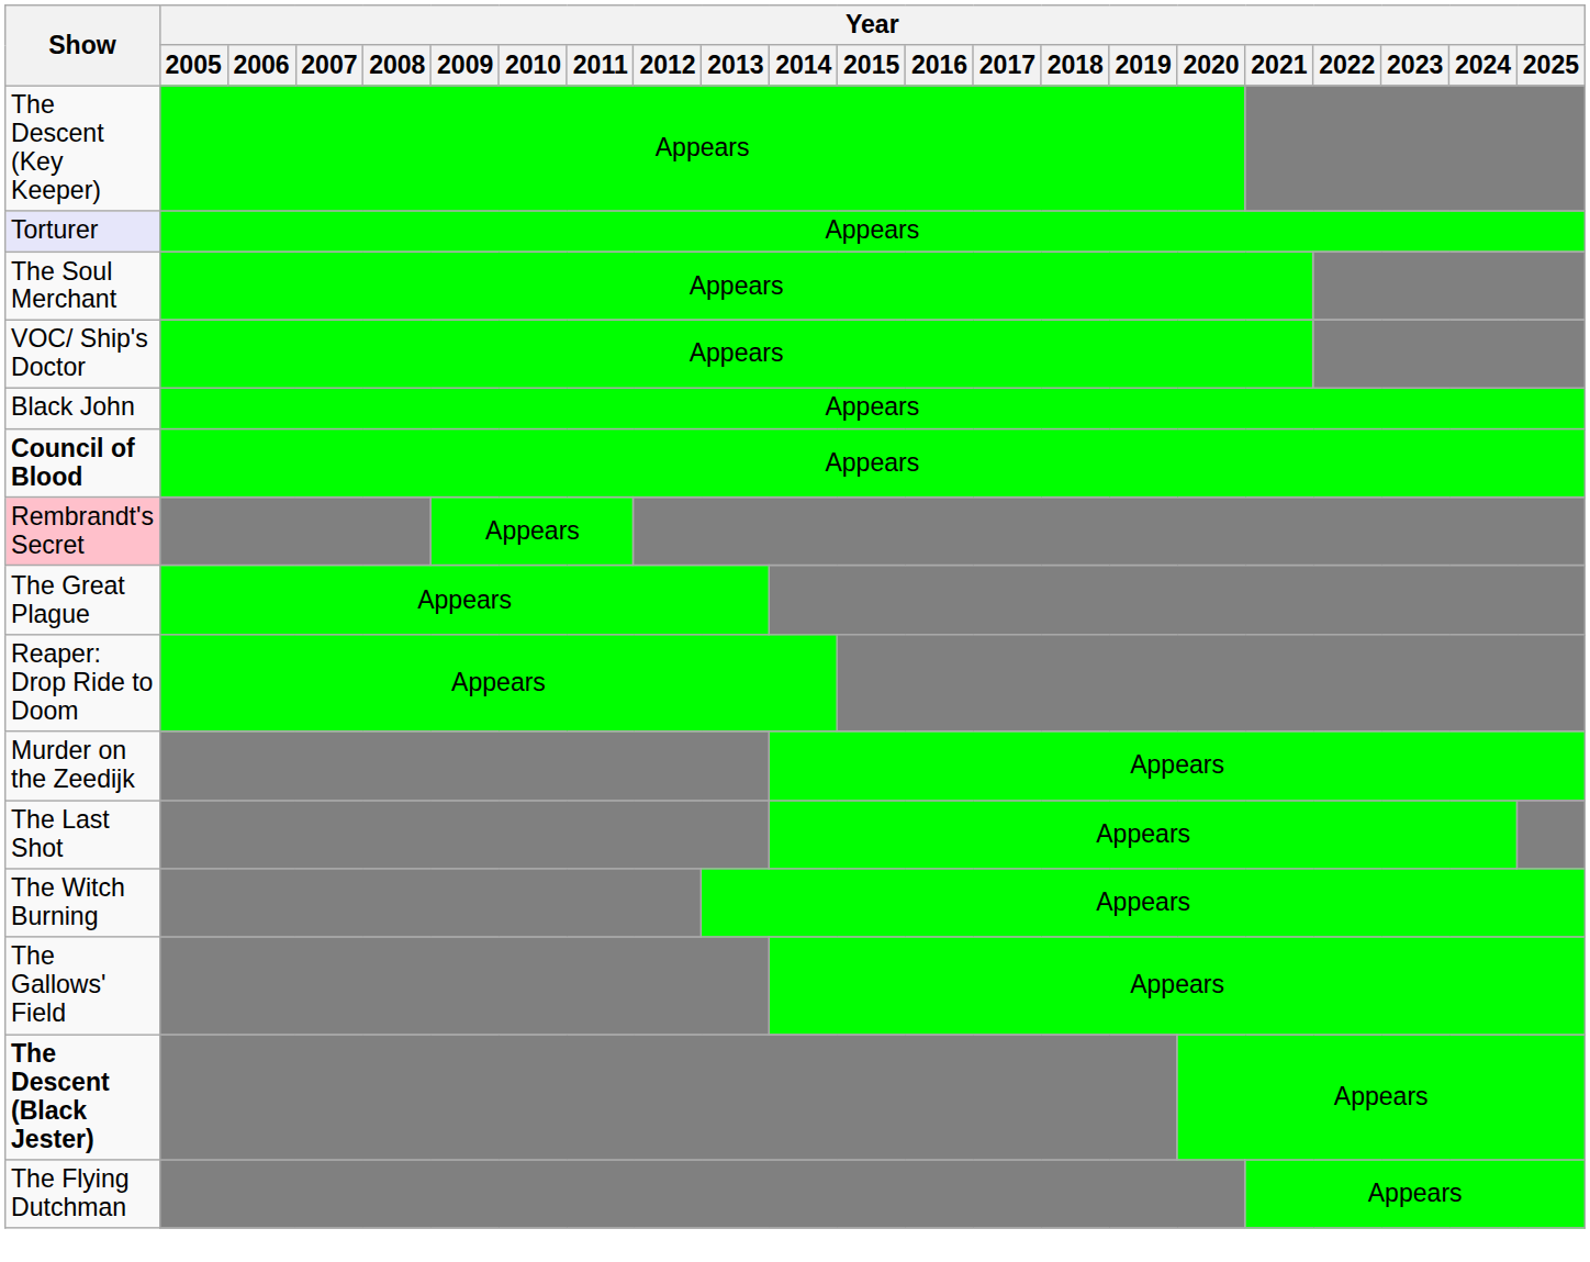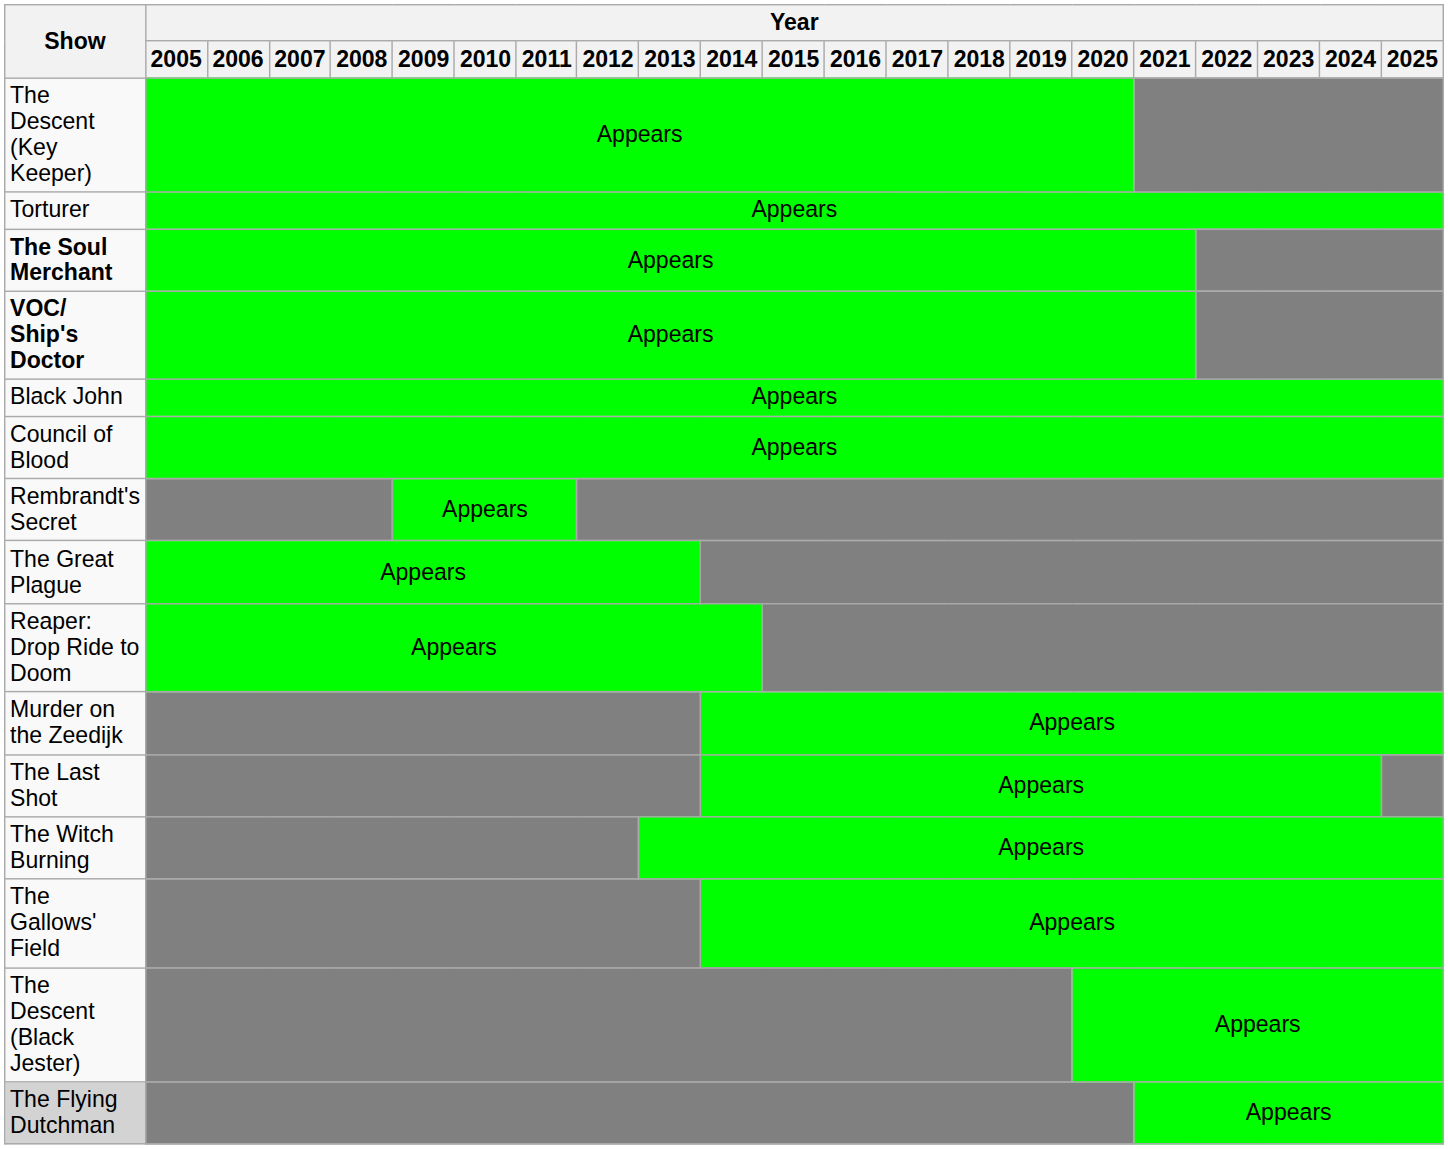 <table class="wikitable">
 <tr>
 <th rowspan="2">Show</th>
 <th colspan="21">Year</th>
 </tr>
 <tr>
 <th>2005</th>
 <th>2006</th>
 <th>2007</th>
 <th>2008</th>
 <th>2009</th>
 <th>2010</th>
 <th>2011</th>
 <th>2012</th>
 <th>2013</th>
 <th>2014</th>
 <th>2015</th>
 <th>2016</th>
 <th>2017</th>
 <th>2018</th>
 <th>2019</th>
 <th>2020</th>
 <th>2021</th>
 <th>2022</th>
 <th>2023</th>
 <th>2024</th>
 <th>2025</th>
 </tr>
 <tr>
 <td>The Descent<br>(Key Keeper)</td>
 <td colspan="16" style = "background: lime" align=center>Appears</td>
 <td colspan="5" style = "background: gray"></td>
 </tr>
 <tr>
-<td style="background: lavender;">Torturer</td>
+<td>Torturer</td>
 <td colspan="21" style = "background: lime" align=center>Appears</td>
 </tr>
 <tr>
-<td>The Soul Merchant</td>
+<td><strong>The Soul Merchant</strong></td>
 <td colspan="17" style = "background: lime" align=center>Appears</td>
 <td colspan="4" style = "background: gray"></td>
 </tr>
 <tr>
-<td>VOC/ Ship's Doctor</td>
+<td><strong>VOC/ Ship's Doctor</strong></td>
 <td colspan="17" style = "background: lime" align=center>Appears</td>
 <td colspan="4" style = "background: gray"></td>
 </tr>
 <tr>
 <td>Black John</td>
 <td colspan="21" style = "background: lime" align=center>Appears</td>
 </tr>
 <tr>
-<td><strong>Council of Blood</strong></td>
+<td>Council of Blood</td>
 <td colspan="21" style = "background: lime" align=center>Appears</td>
 </tr>
 <tr>
-<td style="background: pink;">Rembrandt's Secret</td>
+<td>Rembrandt's Secret</td>
 <td colspan="4" align="center"style = "background: gray"></td>
 <td colspan="3" style = "background: lime" align="center">Appears</td>
 <td colspan="14" align="center" style = "background: gray"></td>
 </tr>
 <tr>
 <td>The Great Plague</td>
 <td colspan="9" style = "background: lime" align=center>Appears</td>
 <td colspan="12" style = "background: gray"></td>
 </tr>
 <tr>
 <td>Reaper: Drop Ride to Doom</td>
 <td colspan="10" style = "background: lime" align=center>Appears</td>
 <td colspan="11" style = "background: gray"></td>
 </tr>
 <tr>
 <td>Murder on the Zeedijk</td>
 <td colspan="9" style = "background: gray"></td>
 <td colspan="12" style = "background: lime" align=center>Appears</td>
 </tr>
 <tr>
 <td>The Last Shot</td>
 <td colspan="9" style = "background: gray"></td>
 <td colspan="11" style = "background: lime" align=center>Appears</td>
 <td style = "background: gray"></td>
 </tr>
 <tr>
 <td>The Witch Burning</td>
 <td colspan="8" style = "background: gray"></td>
 <td colspan="13" style = "background: lime" align=center>Appears</td>
 </tr>
 <tr>
 <td>The Gallows' Field</td>
 <td colspan="9" style = "background: gray"></td>
 <td colspan="12" style = "background: lime" align=center>Appears</td>
 </tr>
 <tr>
-<td><strong>The Descent<br>(Black Jester)</strong></td>
+<td>The Descent<br>(Black Jester)</td>
 <td colspan="15" style = "background: gray"></td>
 <td colspan="6" style = "background: lime" align=center>Appears</td>
 </tr>
 <tr>
-<td>The Flying Dutchman</td>
+<td style="background: lightgrey;">The Flying Dutchman</td>
 <td colspan="16" style = "background: gray"></td>
 <td colspan="5" style = "background: lime" align=center>Appears</td>
 </tr>
 </table>
